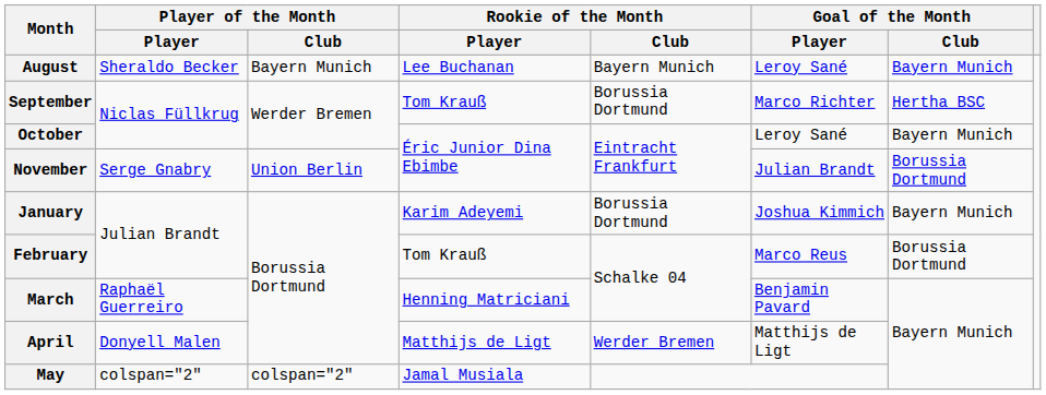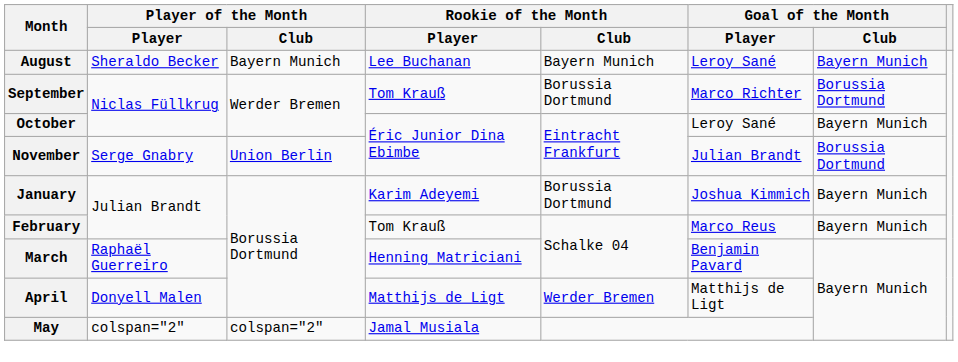 <table class="wikitable">
 <tr>
 <th rowspan="2">Month</th>
 <th colspan="2">Player of the Month</th>
 <th colspan="2">Rookie of the Month</th>
 <th colspan="2">Goal of the Month</th>
 <th rowspan="2"></th>
 </tr>
 <tr>
 <th>Player</th>
 <th>Club</th>
 <th>Player</th>
 <th>Club</th>
 <th>Player</th>
 <th>Club</th>
 </tr>
 <tr>
 <th>August</th>
 <td> <a href='#'>Sheraldo Becker</a></td>
 <td>Bayern Munich</td>
 <td> <a href='#'>Lee Buchanan</a></td>
 <td>Bayern Munich</td>
 <td> <a href='#'>Leroy Sané</a></td>
 <td><a href='#'>Bayern Munich</a></td>
 <td rowspan="9"></td>
 </tr>
 <tr>
 <th>September</th>
 <td rowspan="2"> <a href='#'>Niclas Füllkrug</a></td>
 <td rowspan="2">Werder Bremen</td>
 <td> <a href='#'>Tom Krauß</a></td>
 <td>Borussia Dortmund</td>
 <td> <a href='#'>Marco Richter</a></td>
-<td><a href='#'>Hertha BSC</a></td>
+<td><a href='#'>Borussia Dortmund</a></td>
 </tr>
 <tr>
 <th>October</th>
 <td rowspan="2"> <a href='#'>Éric Junior Dina Ebimbe</a></td>
 <td rowspan="2"><a href='#'>Eintracht Frankfurt</a></td>
 <td> Leroy Sané</td>
 <td>Bayern Munich</td>
 </tr>
 <tr>
 <th>November</th>
 <td> <a href='#'>Serge Gnabry</a></td>
 <td><a href='#'>Union Berlin</a></td>
 <td> <a href='#'>Julian Brandt</a></td>
 <td><a href='#'>Borussia Dortmund</a></td>
 </tr>
 <tr>
 <th>January</th>
 <td rowspan="2"> Julian Brandt</td>
 <td rowspan="4">Borussia Dortmund</td>
 <td> <a href='#'>Karim Adeyemi</a></td>
 <td>Borussia Dortmund</td>
 <td> <a href='#'>Joshua Kimmich</a></td>
 <td>Bayern Munich</td>
 </tr>
 <tr>
 <th>February</th>
 <td> Tom Krauß</td>
 <td rowspan="2">Schalke 04</td>
 <td> <a href='#'>Marco Reus</a></td>
-<td>Borussia Dortmund</td>
+<td>Bayern Munich</td>
 </tr>
 <tr>
 <th>March</th>
 <td> <a href='#'>Raphaël Guerreiro</a></td>
 <td> <a href='#'>Henning Matriciani</a></td>
 <td> <a href='#'>Benjamin Pavard</a></td>
 <td rowspan="3">Bayern Munich</td>
 </tr>
 <tr>
 <th>April</th>
 <td> <a href='#'>Donyell Malen</a></td>
 <td> <a href='#'>Matthijs de Ligt</a></td>
 <td><a href='#'>Werder Bremen</a></td>
 <td> Matthijs de Ligt</td>
 </tr>
 <tr>
 <th>May</th>
 <td>colspan="2" </td>
 <td>colspan="2" </td>
 <td> <a href='#'>Jamal Musiala</a></td>
 </tr>
 </table>
